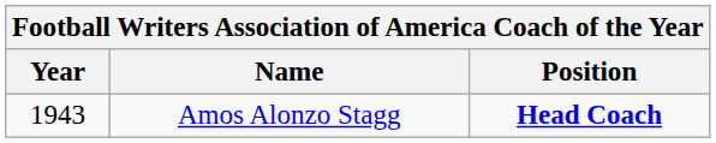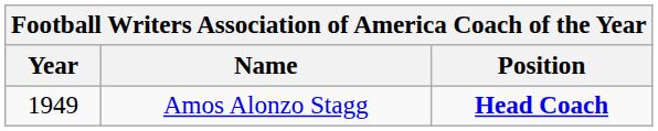 <table class="wikitable">
 <tr align="center">
 <th colspan=5>Football Writers Association of America Coach of the Year</th>
 </tr>
 <tr>
 <th>Year</th>
 <th>Name</th>
 <th>Position</th>
 </tr>
 <tr align="center" bgcolor="">
-<td>1943</td>
+<td>1949</td>
 <td><a href='#'>Amos Alonzo Stagg</a></td>
 <td><strong><a href='#'>Head Coach</a></strong></td>
 </tr>
 </table>
